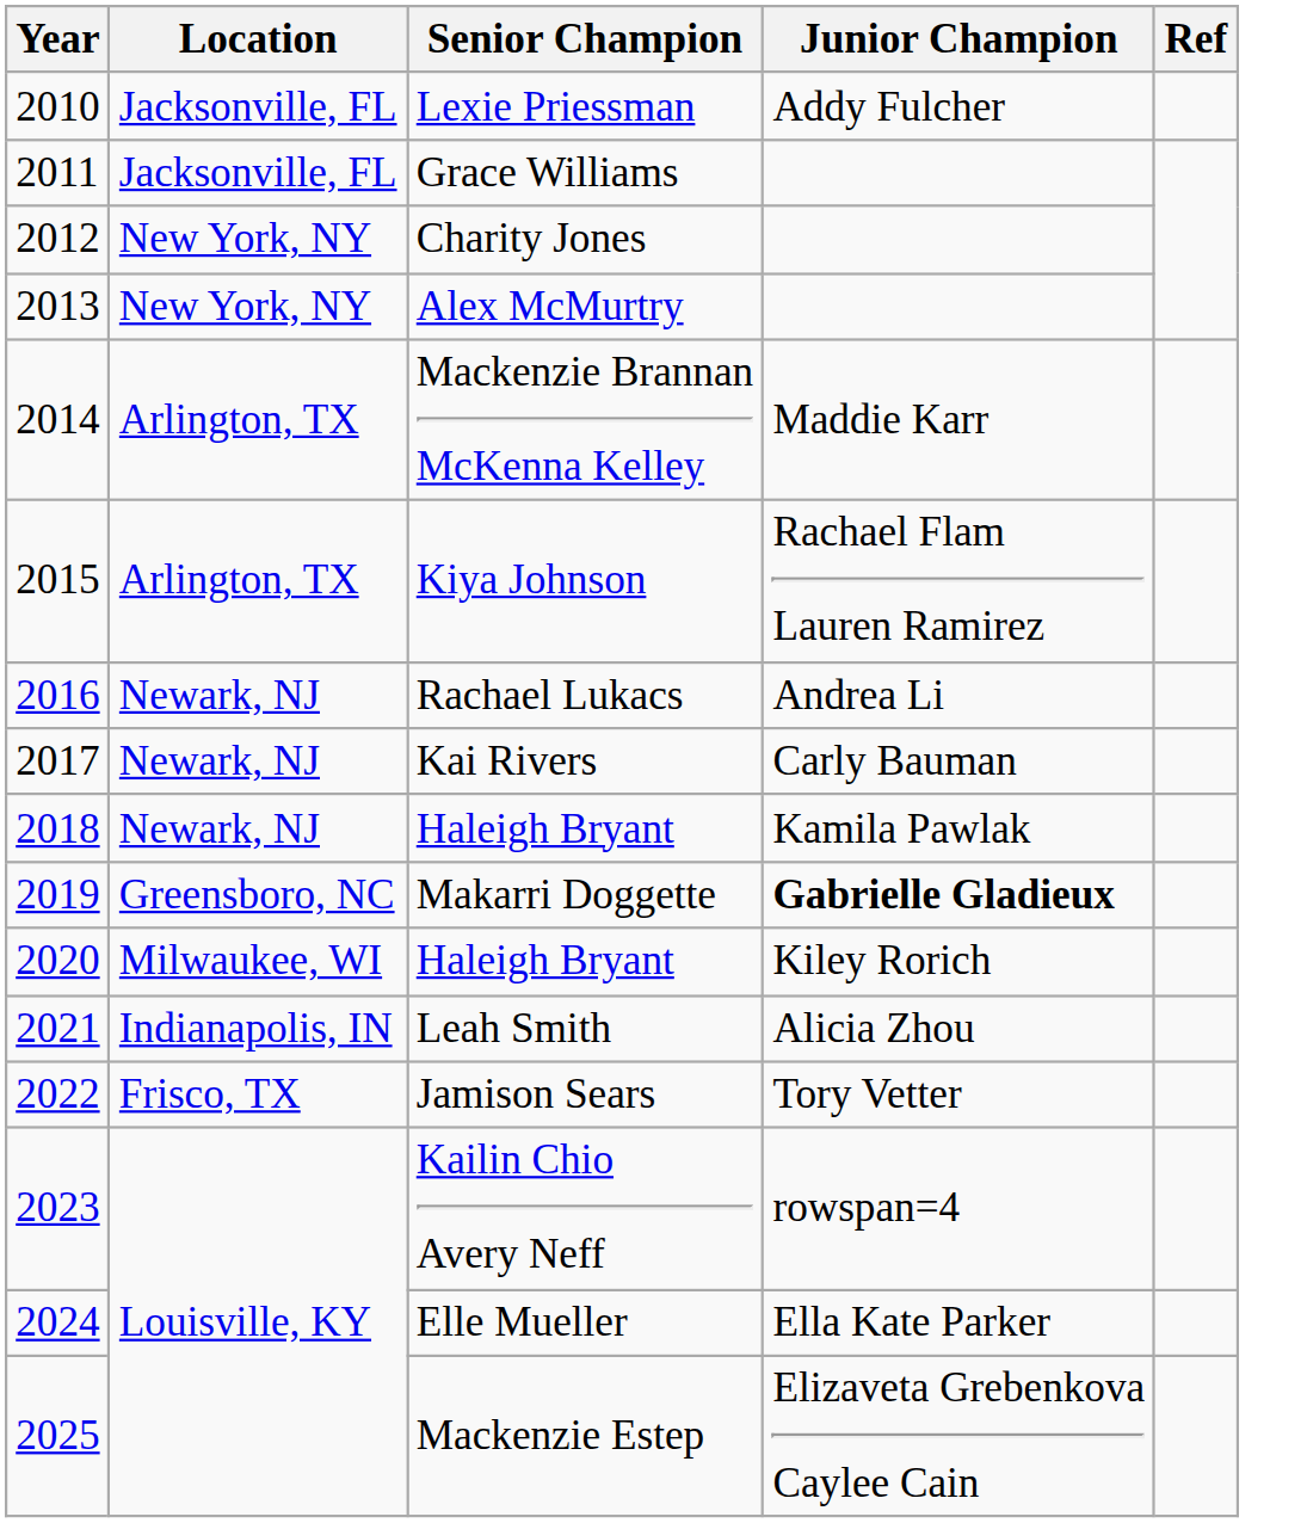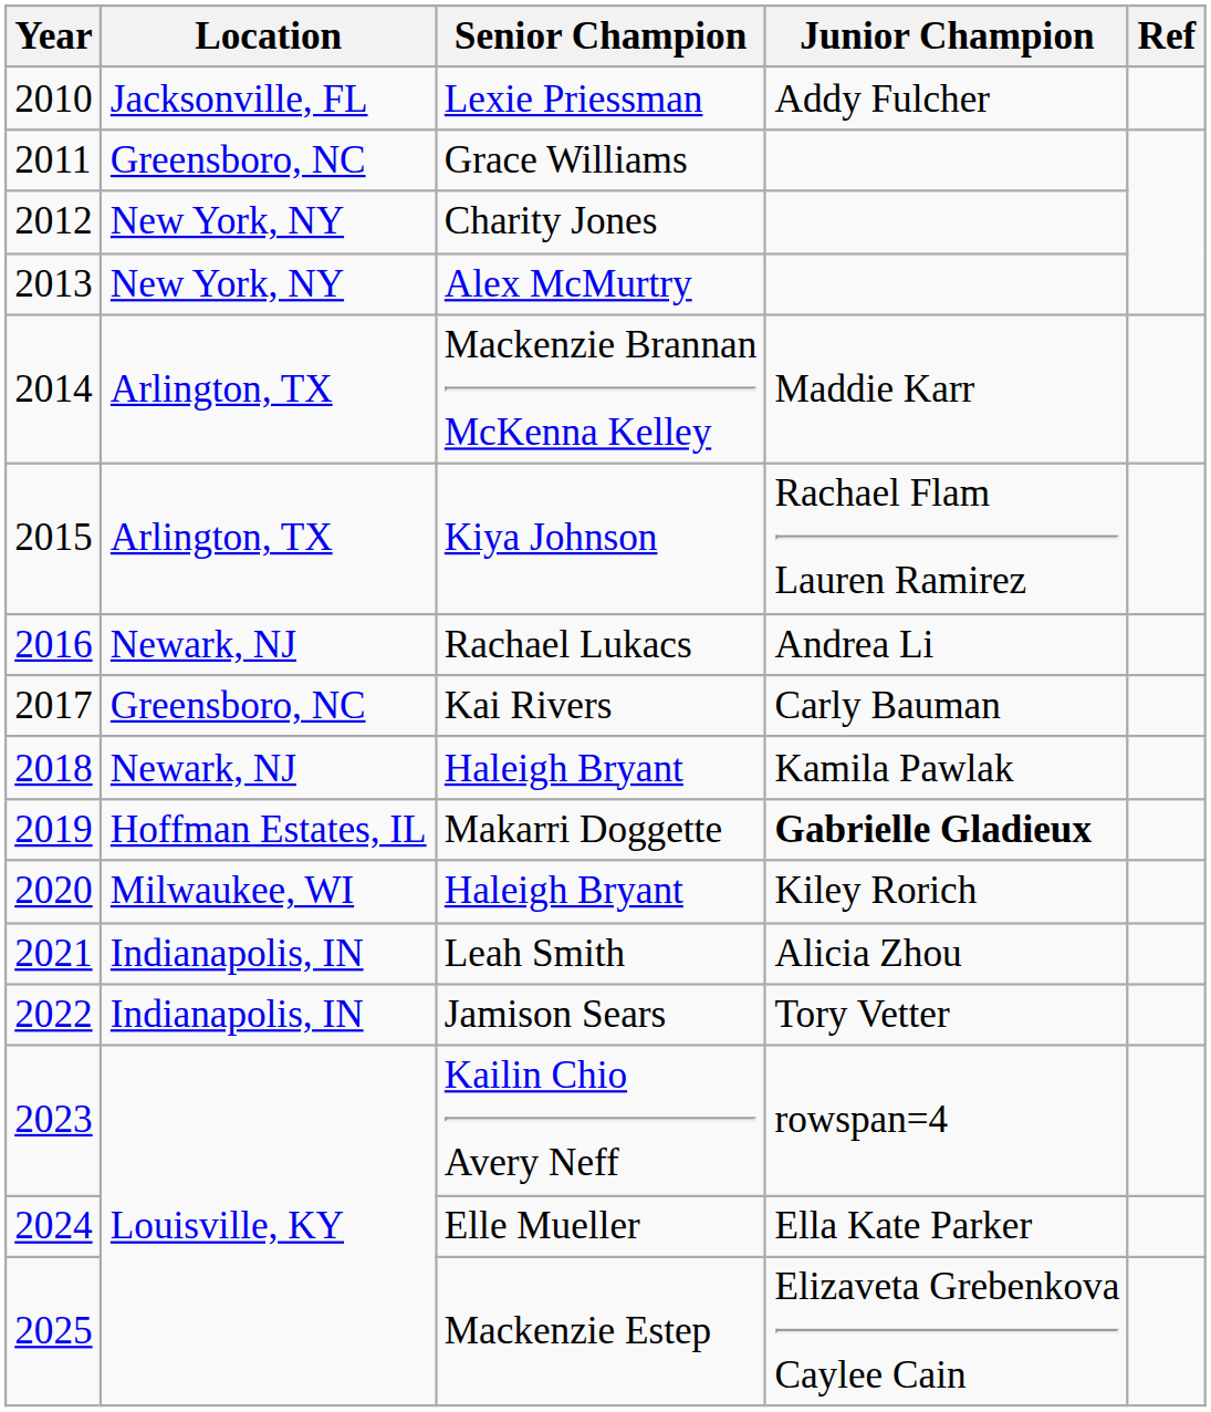 <table class="wikitable">
 <tr>
 <th>Year</th>
 <th>Location</th>
 <th>Senior Champion</th>
 <th>Junior Champion</th>
 <th>Ref</th>
 </tr>
 <tr>
 <td>2010</td>
 <td><a href='#'>Jacksonville, FL</a></td>
 <td><a href='#'>Lexie Priessman</a></td>
 <td>Addy Fulcher</td>
 <td></td>
 </tr>
 <tr>
 <td>2011</td>
-<td><a href='#'>Jacksonville, FL</a></td>
+<td><a href='#'>Greensboro, NC</a></td>
 <td>Grace Williams</td>
 <td></td>
 </tr>
 <tr>
 <td>2012</td>
 <td><a href='#'>New York, NY</a></td>
 <td>Charity Jones</td>
 <td></td>
 </tr>
 <tr>
 <td>2013</td>
 <td><a href='#'>New York, NY</a></td>
 <td><a href='#'>Alex McMurtry</a></td>
 <td></td>
 </tr>
 <tr>
 <td>2014</td>
 <td><a href='#'>Arlington, TX</a></td>
 <td>Mackenzie Brannan<hr><a href='#'>McKenna Kelley</a></td>
 <td>Maddie Karr</td>
 <td></td>
 </tr>
 <tr>
 <td>2015</td>
 <td><a href='#'>Arlington, TX</a></td>
 <td><a href='#'>Kiya Johnson</a></td>
 <td>Rachael Flam<hr>Lauren Ramirez</td>
 <td></td>
 </tr>
 <tr>
 <td><a href='#'>2016</a></td>
 <td><a href='#'>Newark, NJ</a></td>
 <td>Rachael Lukacs</td>
 <td>Andrea Li</td>
 <td></td>
 </tr>
 <tr>
 <td>2017</td>
-<td><a href='#'>Newark, NJ</a></td>
+<td><a href='#'>Greensboro, NC</a></td>
 <td>Kai Rivers</td>
 <td>Carly Bauman</td>
 <td></td>
 </tr>
 <tr>
 <td><a href='#'>2018</a></td>
 <td><a href='#'>Newark, NJ</a></td>
 <td><a href='#'>Haleigh Bryant</a></td>
 <td>Kamila Pawlak</td>
 <td></td>
 </tr>
 <tr>
 <td><a href='#'>2019</a></td>
-<td><a href='#'>Greensboro, NC</a></td>
+<td><a href='#'>Hoffman Estates, IL</a></td>
 <td>Makarri Doggette</td>
 <td><strong>Gabrielle Gladieux</strong></td>
 <td></td>
 </tr>
 <tr>
 <td><a href='#'>2020</a></td>
 <td><a href='#'>Milwaukee, WI</a></td>
 <td><a href='#'>Haleigh Bryant</a></td>
 <td>Kiley Rorich</td>
 <td></td>
 </tr>
 <tr>
 <td><a href='#'>2021</a></td>
 <td><a href='#'>Indianapolis, IN</a></td>
 <td>Leah Smith</td>
 <td>Alicia Zhou</td>
 <td></td>
 </tr>
 <tr>
 <td><a href='#'>2022</a></td>
-<td><a href='#'>Frisco, TX</a></td>
+<td><a href='#'>Indianapolis, IN</a></td>
 <td>Jamison Sears</td>
 <td>Tory Vetter</td>
 <td></td>
 </tr>
 <tr>
 <td><a href='#'>2023</a></td>
 <td rowspan="3"><a href='#'>Louisville, KY</a></td>
 <td><a href='#'>Kailin Chio</a><hr>Avery Neff</td>
 <td>rowspan=4 </td>
 <td></td>
 </tr>
 <tr>
 <td><a href='#'>2024</a></td>
 <td>Elle Mueller</td>
 <td>Ella Kate Parker</td>
 <td></td>
 </tr>
 <tr>
 <td><a href='#'>2025</a></td>
 <td>Mackenzie Estep</td>
 <td>Elizaveta Grebenkova<hr>Caylee Cain</td>
 <td></td>
 </tr>
 </table>
